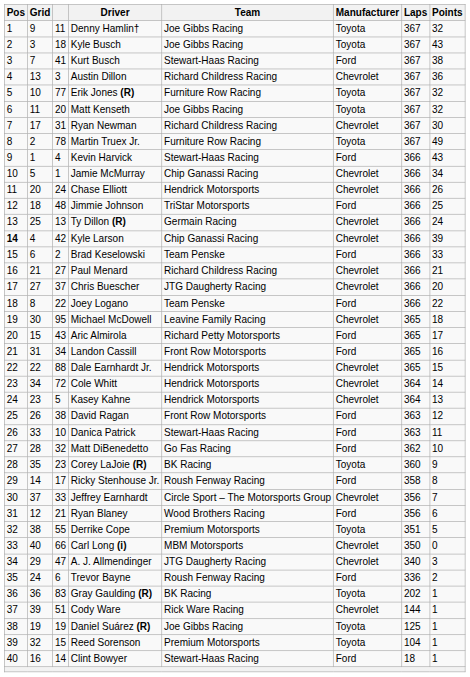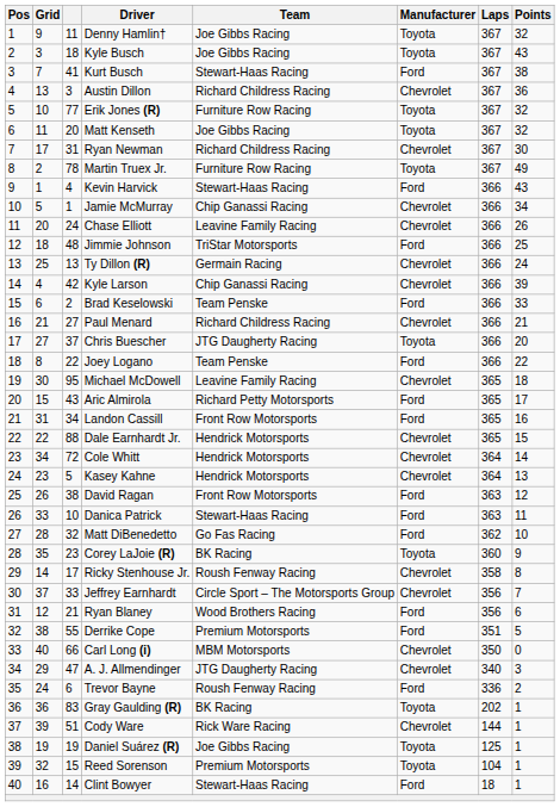 <table class="wikitable" style="font-size:98%">
 <tr>
 <th>Pos</th>
 <th>Grid</th>
 <th></th>
 <th>Driver</th>
 <th>Team</th>
 <th>Manufacturer</th>
 <th>Laps</th>
 <th>Points</th>
 </tr>
 <tr>
 <td>1</td>
 <td>9</td>
 <td>11</td>
 <td>Denny Hamlin†</td>
 <td>Joe Gibbs Racing</td>
 <td>Toyota</td>
 <td>367</td>
 <td>32</td>
 </tr>
 <tr>
 <td>2</td>
 <td>3</td>
 <td>18</td>
 <td>Kyle Busch</td>
 <td>Joe Gibbs Racing</td>
 <td>Toyota</td>
 <td>367</td>
 <td>43</td>
 </tr>
 <tr>
 <td>3</td>
 <td>7</td>
 <td>41</td>
 <td>Kurt Busch</td>
 <td>Stewart-Haas Racing</td>
 <td>Ford</td>
 <td>367</td>
 <td>38</td>
 </tr>
 <tr>
 <td>4</td>
 <td>13</td>
 <td>3</td>
 <td>Austin Dillon</td>
 <td>Richard Childress Racing</td>
 <td>Chevrolet</td>
 <td>367</td>
 <td>36</td>
 </tr>
 <tr>
 <td>5</td>
 <td>10</td>
 <td>77</td>
 <td>Erik Jones <strong>(R)</strong></td>
 <td>Furniture Row Racing</td>
 <td>Toyota</td>
 <td>367</td>
 <td>32</td>
 </tr>
 <tr>
 <td>6</td>
 <td>11</td>
 <td>20</td>
 <td>Matt Kenseth</td>
 <td>Joe Gibbs Racing</td>
 <td>Toyota</td>
 <td>367</td>
 <td>32</td>
 </tr>
 <tr>
 <td>7</td>
 <td>17</td>
 <td>31</td>
 <td>Ryan Newman</td>
 <td>Richard Childress Racing</td>
 <td>Chevrolet</td>
 <td>367</td>
 <td>30</td>
 </tr>
 <tr>
 <td>8</td>
 <td>2</td>
 <td>78</td>
 <td>Martin Truex Jr.</td>
 <td>Furniture Row Racing</td>
 <td>Toyota</td>
 <td>367</td>
 <td>49</td>
 </tr>
 <tr>
 <td>9</td>
 <td>1</td>
 <td>4</td>
 <td>Kevin Harvick</td>
 <td>Stewart-Haas Racing</td>
 <td>Ford</td>
 <td>366</td>
 <td>43</td>
 </tr>
 <tr>
 <td>10</td>
 <td>5</td>
 <td>1</td>
 <td>Jamie McMurray</td>
 <td>Chip Ganassi Racing</td>
 <td>Chevrolet</td>
 <td>366</td>
 <td>34</td>
 </tr>
 <tr>
 <td>11</td>
 <td>20</td>
 <td>24</td>
 <td>Chase Elliott</td>
-<td>Hendrick Motorsports</td>
+<td>Leavine Family Racing</td>
 <td>Chevrolet</td>
 <td>366</td>
 <td>26</td>
 </tr>
 <tr>
 <td>12</td>
 <td>18</td>
 <td>48</td>
 <td>Jimmie Johnson</td>
 <td>TriStar Motorsports</td>
 <td>Ford</td>
 <td>366</td>
 <td>25</td>
 </tr>
 <tr>
 <td>13</td>
 <td>25</td>
 <td>13</td>
 <td>Ty Dillon <strong>(R)</strong></td>
 <td>Germain Racing</td>
 <td>Chevrolet</td>
 <td>366</td>
 <td>24</td>
 </tr>
 <tr>
-<td><strong>14</strong></td>
+<td>14</td>
 <td>4</td>
 <td>42</td>
 <td>Kyle Larson</td>
 <td>Chip Ganassi Racing</td>
 <td>Chevrolet</td>
 <td>366</td>
 <td>39</td>
 </tr>
 <tr>
 <td>15</td>
 <td>6</td>
 <td>2</td>
 <td>Brad Keselowski</td>
 <td>Team Penske</td>
 <td>Ford</td>
 <td>366</td>
 <td>33</td>
 </tr>
 <tr>
 <td>16</td>
 <td>21</td>
 <td>27</td>
 <td>Paul Menard</td>
 <td>Richard Childress Racing</td>
 <td>Chevrolet</td>
 <td>366</td>
 <td>21</td>
 </tr>
 <tr>
 <td>17</td>
 <td>27</td>
 <td>37</td>
 <td>Chris Buescher</td>
 <td>JTG Daugherty Racing</td>
-<td>Chevrolet</td>
+<td>Toyota</td>
 <td>366</td>
 <td>20</td>
 </tr>
 <tr>
 <td>18</td>
 <td>8</td>
 <td>22</td>
 <td>Joey Logano</td>
 <td>Team Penske</td>
 <td>Ford</td>
 <td>366</td>
 <td>22</td>
 </tr>
 <tr>
 <td>19</td>
 <td>30</td>
 <td>95</td>
 <td>Michael McDowell</td>
 <td>Leavine Family Racing</td>
 <td>Chevrolet</td>
 <td>365</td>
 <td>18</td>
 </tr>
 <tr>
 <td>20</td>
 <td>15</td>
 <td>43</td>
 <td>Aric Almirola</td>
 <td>Richard Petty Motorsports</td>
 <td>Ford</td>
 <td>365</td>
 <td>17</td>
 </tr>
 <tr>
 <td>21</td>
 <td>31</td>
 <td>34</td>
 <td>Landon Cassill</td>
 <td>Front Row Motorsports</td>
 <td>Ford</td>
 <td>365</td>
 <td>16</td>
 </tr>
 <tr>
 <td>22</td>
 <td>22</td>
 <td>88</td>
 <td>Dale Earnhardt Jr.</td>
 <td>Hendrick Motorsports</td>
 <td>Chevrolet</td>
 <td>365</td>
 <td>15</td>
 </tr>
 <tr>
 <td>23</td>
 <td>34</td>
 <td>72</td>
 <td>Cole Whitt</td>
 <td>Hendrick Motorsports</td>
 <td>Chevrolet</td>
 <td>364</td>
 <td>14</td>
 </tr>
 <tr>
 <td>24</td>
 <td>23</td>
 <td>5</td>
 <td>Kasey Kahne</td>
 <td>Hendrick Motorsports</td>
 <td>Chevrolet</td>
 <td>364</td>
 <td>13</td>
 </tr>
 <tr>
 <td>25</td>
 <td>26</td>
 <td>38</td>
 <td>David Ragan</td>
 <td>Front Row Motorsports</td>
 <td>Ford</td>
 <td>363</td>
 <td>12</td>
 </tr>
 <tr>
 <td>26</td>
 <td>33</td>
 <td>10</td>
 <td>Danica Patrick</td>
 <td>Stewart-Haas Racing</td>
 <td>Ford</td>
 <td>363</td>
 <td>11</td>
 </tr>
 <tr>
 <td>27</td>
 <td>28</td>
 <td>32</td>
 <td>Matt DiBenedetto</td>
 <td>Go Fas Racing</td>
 <td>Ford</td>
 <td>362</td>
 <td>10</td>
 </tr>
 <tr>
 <td>28</td>
 <td>35</td>
 <td>23</td>
 <td>Corey LaJoie <strong>(R)</strong></td>
 <td>BK Racing</td>
 <td>Toyota</td>
 <td>360</td>
 <td>9</td>
 </tr>
 <tr>
 <td>29</td>
 <td>14</td>
 <td>17</td>
 <td>Ricky Stenhouse Jr.</td>
 <td>Roush Fenway Racing</td>
-<td>Ford</td>
+<td>Chevrolet</td>
 <td>358</td>
 <td>8</td>
 </tr>
 <tr>
 <td>30</td>
 <td>37</td>
 <td>33</td>
 <td>Jeffrey Earnhardt</td>
 <td>Circle Sport – The Motorsports Group</td>
 <td>Chevrolet</td>
 <td>356</td>
 <td>7</td>
 </tr>
 <tr>
 <td>31</td>
 <td>12</td>
 <td>21</td>
 <td>Ryan Blaney</td>
 <td>Wood Brothers Racing</td>
 <td>Ford</td>
 <td>356</td>
 <td>6</td>
 </tr>
 <tr>
 <td>32</td>
 <td>38</td>
 <td>55</td>
 <td>Derrike Cope</td>
 <td>Premium Motorsports</td>
-<td>Toyota</td>
+<td>Ford</td>
 <td>351</td>
 <td>5</td>
 </tr>
 <tr>
 <td>33</td>
 <td>40</td>
 <td>66</td>
 <td>Carl Long <strong>(i)</strong></td>
 <td>MBM Motorsports</td>
 <td>Chevrolet</td>
 <td>350</td>
 <td>0</td>
 </tr>
 <tr>
 <td>34</td>
 <td>29</td>
 <td>47</td>
 <td>A. J. Allmendinger</td>
 <td>JTG Daugherty Racing</td>
 <td>Chevrolet</td>
 <td>340</td>
 <td>3</td>
 </tr>
 <tr>
 <td>35</td>
 <td>24</td>
 <td>6</td>
 <td>Trevor Bayne</td>
 <td>Roush Fenway Racing</td>
 <td>Ford</td>
 <td>336</td>
 <td>2</td>
 </tr>
 <tr>
 <td>36</td>
 <td>36</td>
 <td>83</td>
 <td>Gray Gaulding <strong>(R)</strong></td>
 <td>BK Racing</td>
 <td>Toyota</td>
 <td>202</td>
 <td>1</td>
 </tr>
 <tr>
 <td>37</td>
 <td>39</td>
 <td>51</td>
 <td>Cody Ware</td>
 <td>Rick Ware Racing</td>
 <td>Chevrolet</td>
 <td>144</td>
 <td>1</td>
 </tr>
 <tr>
 <td>38</td>
 <td>19</td>
 <td>19</td>
 <td>Daniel Suárez <strong>(R)</strong></td>
 <td>Joe Gibbs Racing</td>
 <td>Toyota</td>
 <td>125</td>
 <td>1</td>
 </tr>
 <tr>
 <td>39</td>
 <td>32</td>
 <td>15</td>
 <td>Reed Sorenson</td>
 <td>Premium Motorsports</td>
 <td>Toyota</td>
 <td>104</td>
 <td>1</td>
 </tr>
 <tr>
 <td>40</td>
 <td>16</td>
 <td>14</td>
 <td>Clint Bowyer</td>
 <td>Stewart-Haas Racing</td>
 <td>Ford</td>
 <td>18</td>
 <td>1</td>
 </tr>
 <tr>
 <th colspan="8"></th>
 </tr>
 </table>
